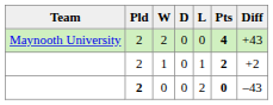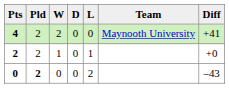 <table style=border-collapse:collapse border=1 cellspacing=0 cellpadding=5>
 <tr align=center bgcolor=#efefef>
-<th>Team</th>
+<th>Pts</th>
 <th>Pld</th>
 <th>W</th>
 <th>D</th>
 <th>L</th>
-<th>Pts</th>
+<th>Team</th>
 <th>Diff</th>
 </tr>
 <tr align=center style="background:#D0F0C0;">
-<td style="text-align:left;"> <a href='#'>Maynooth University</a></td>
+<td><strong>4</strong></td>
 <td>2</td>
 <td>2</td>
 <td>0</td>
 <td>0</td>
-<td><strong>4</strong></td>
-<td>+43</td>
+<td style="text-align:left;"> <a href='#'>Maynooth University</a></td>
+<td>+41</td>
 </tr>
 <tr align=center style="background:#FFFFFF;">
-<td style="text-align:left;"> </td>
+<td><strong>2</strong></td>
 <td>2</td>
 <td>1</td>
 <td>0</td>
 <td>1</td>
-<td><strong>2</strong></td>
-<td>+2</td>
+<td style="text-align:left;"> </td>
+<td>+0</td>
 </tr>
 <tr align=center style="background:#FFFFFF;">
-<td style="text-align:left;"> </td>
+<td><strong>0</strong></td>
 <td><strong>2</strong></td>
 <td>0</td>
 <td>0</td>
 <td>2</td>
-<td><strong>0</strong></td>
+<td style="text-align:left;"> </td>
 <td>–43</td>
 </tr>
 </table>
